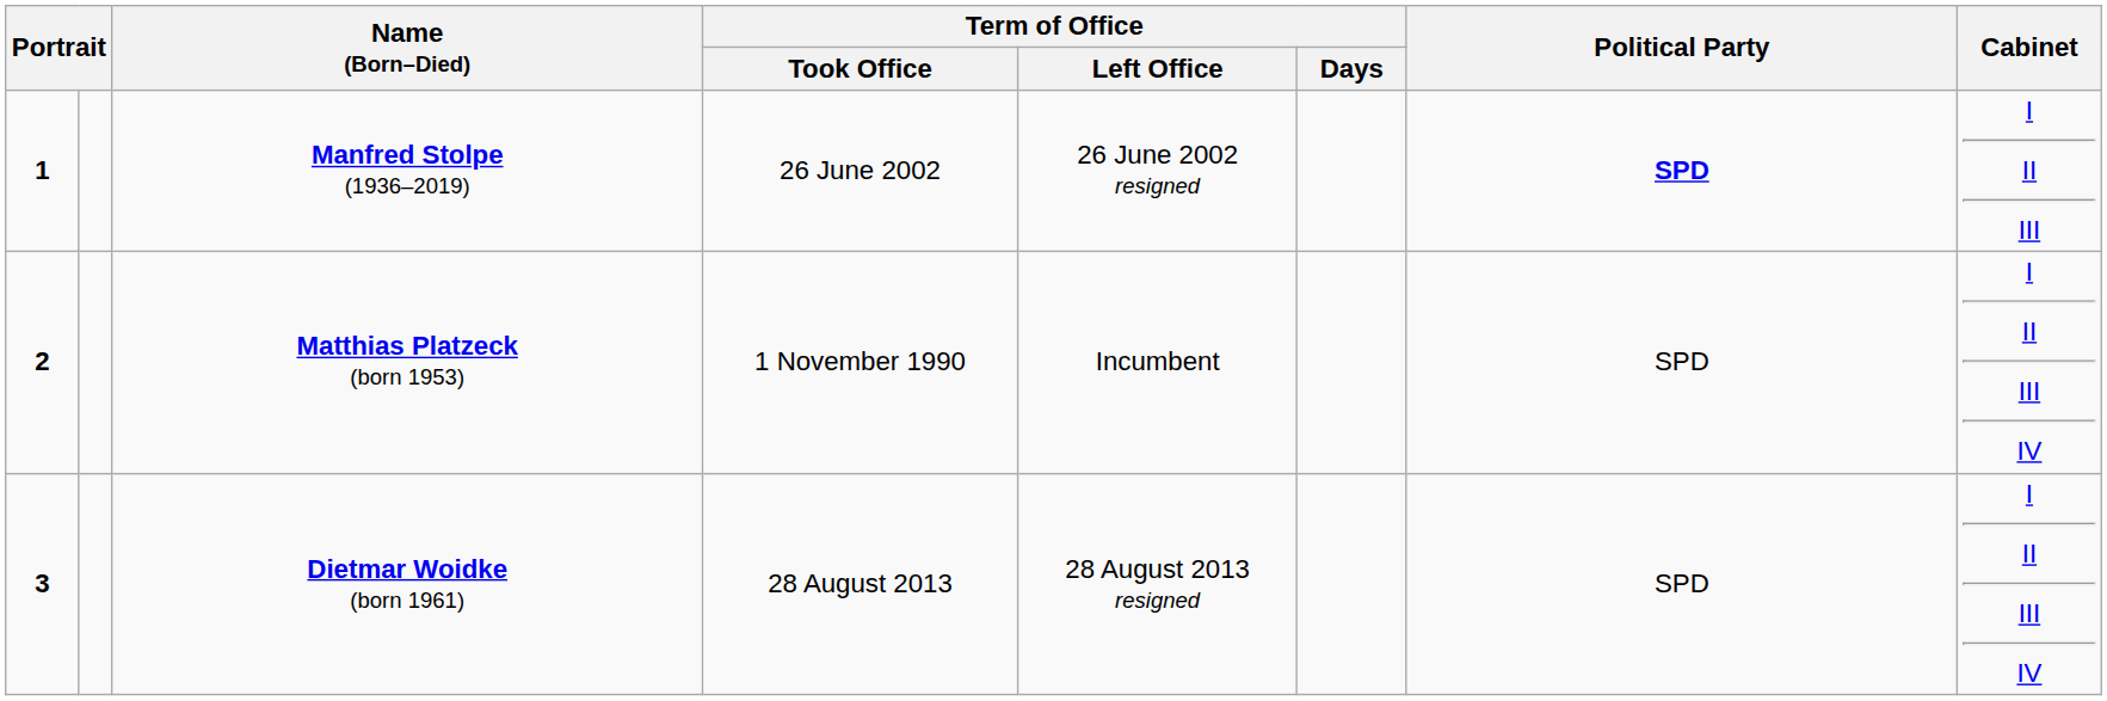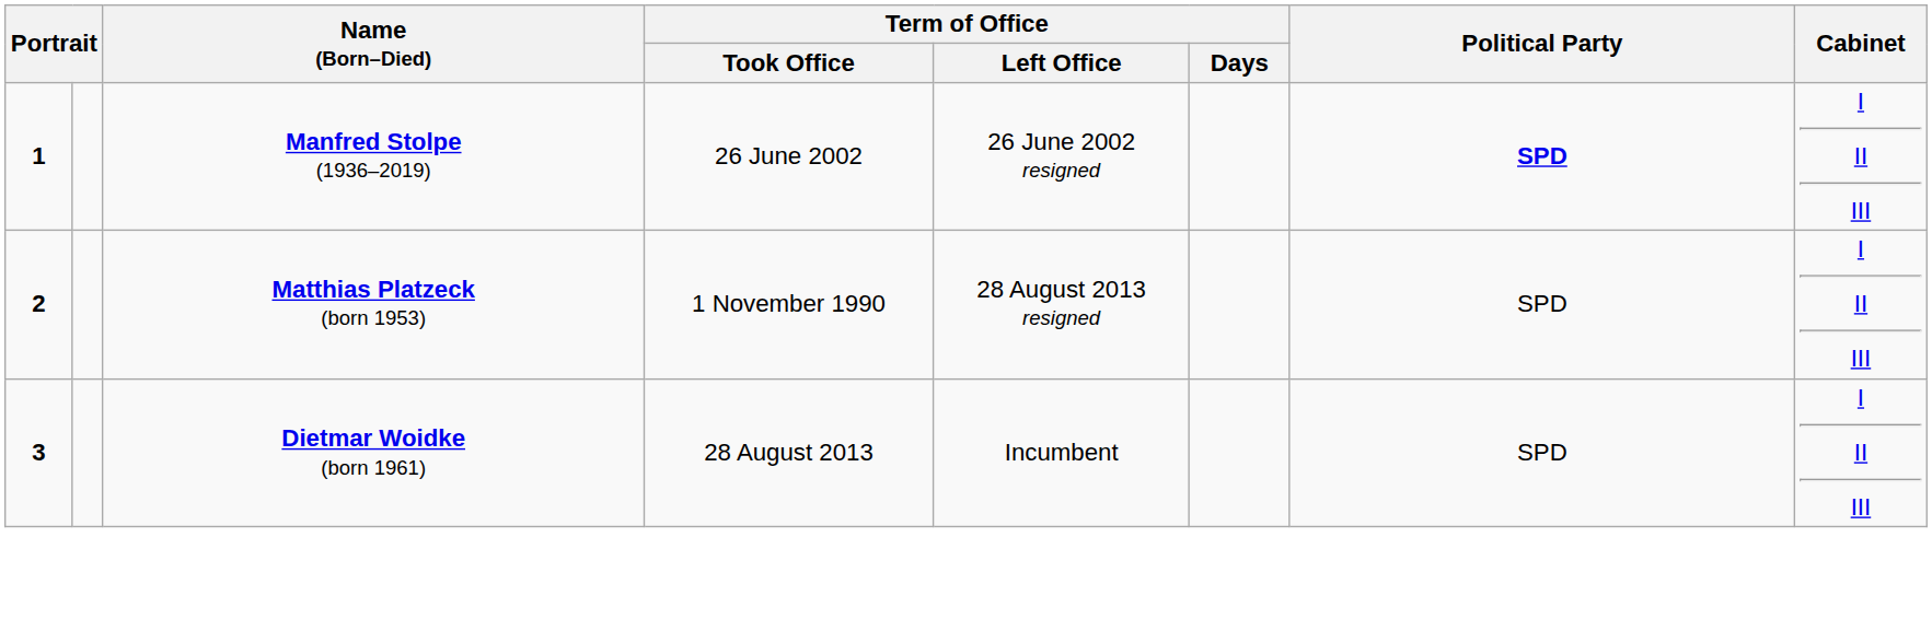 <table class="wikitable" style="text-align:center; width:100%; border:1px #AAAAFF solid">
 <tr>
 <th width=80px rowspan=2 colspan=2>Portrait</th>
 <th width=30% rowspan=2>Name<br><small>(Born–Died)</small></th>
 <th width=35% colspan=3>Term of Office</th>
 <th width=28% rowspan=2>Political Party</th>
 <th width=28% rowspan=2>Cabinet</th>
 </tr>
 <tr>
 <th>Took Office</th>
 <th>Left Office</th>
 <th>Days</th>
 </tr>
 <tr>
 <td style="background:"><strong>1</strong></td>
 <td></td>
 <td><strong><a href='#'>Manfred Stolpe</a></strong><br><small>(1936–2019)</small></td>
 <td>26 June 2002</td>
 <td>26 June 2002<br><small><em>resigned</em></small></td>
 <td></td>
 <td><strong><a href='#'>SPD</a></strong></td>
 <td><a href='#'>I</a><hr><a href='#'>II</a><hr><a href='#'>III</a></td>
 </tr>
 <tr>
 <td style="background:"><strong>2</strong></td>
 <td></td>
 <td><strong><a href='#'>Matthias Platzeck</a></strong><br><small>(born 1953)</small></td>
 <td>1 November 1990</td>
-<td>Incumbent</td>
+<td>28 August 2013<br><small><em>resigned</em></small></td>
 <td></td>
 <td>SPD</td>
-<td><a href='#'>I</a><hr><a href='#'>II</a><hr><a href='#'>III</a><hr><a href='#'>IV</a></td>
+<td><a href='#'>I</a><hr><a href='#'>II</a><hr><a href='#'>III</a></td>
 </tr>
 <tr>
 <td style="background:"><strong>3</strong></td>
 <td></td>
 <td><strong><a href='#'>Dietmar Woidke</a></strong><br><small>(born 1961)</small></td>
 <td>28 August 2013</td>
-<td>28 August 2013<br><small><em>resigned</em></small></td>
+<td>Incumbent</td>
 <td></td>
 <td>SPD</td>
-<td><a href='#'>I</a><hr><a href='#'>II</a><hr><a href='#'>III</a><hr><a href='#'>IV</a></td>
+<td><a href='#'>I</a><hr><a href='#'>II</a><hr><a href='#'>III</a></td>
 </tr>
 </table>
